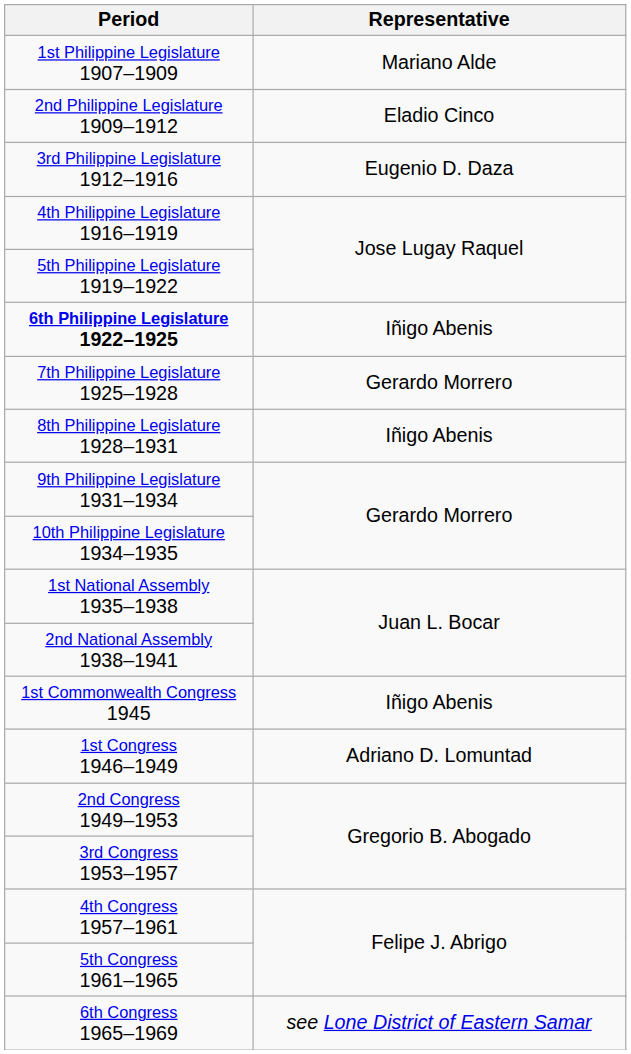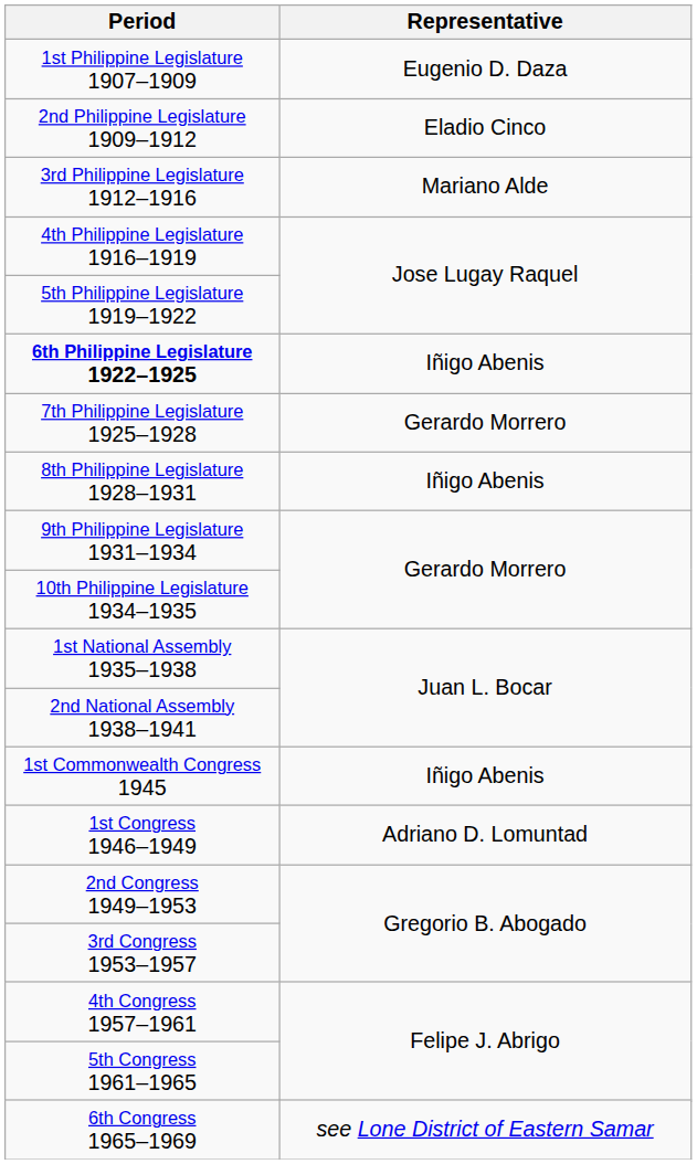 <table class="wikitable" style="text-align:center; width:40%;">
 <tr>
 <th width="40%">Period</th>
 <th>Representative</th>
 </tr>
 <tr>
 <td><small><a href='#'>1st Philippine Legislature</a></small><br>1907–1909</td>
-<td>Mariano Alde</td>
+<td>Eugenio D. Daza</td>
 </tr>
 <tr>
 <td><small><a href='#'>2nd Philippine Legislature</a></small><br>1909–1912</td>
 <td>Eladio Cinco</td>
 </tr>
 <tr>
 <td><small><a href='#'>3rd Philippine Legislature</a></small><br>1912–1916</td>
-<td>Eugenio D. Daza</td>
+<td>Mariano Alde</td>
 </tr>
 <tr>
 <td><small><a href='#'>4th Philippine Legislature</a></small><br>1916–1919</td>
 <td rowspan="2">Jose Lugay Raquel</td>
 </tr>
 <tr>
 <td><small><a href='#'>5th Philippine Legislature</a></small><br>1919–1922</td>
 </tr>
 <tr>
 <td><strong><small><a href='#'>6th Philippine Legislature</a></small><br>1922–1925</strong></td>
 <td>Iñigo Abenis</td>
 </tr>
 <tr>
 <td><small><a href='#'>7th Philippine Legislature</a></small><br>1925–1928</td>
 <td>Gerardo Morrero</td>
 </tr>
 <tr>
 <td><small><a href='#'>8th Philippine Legislature</a></small><br>1928–1931</td>
 <td>Iñigo Abenis</td>
 </tr>
 <tr>
 <td><small><a href='#'>9th Philippine Legislature</a></small><br>1931–1934</td>
 <td rowspan="2">Gerardo Morrero</td>
 </tr>
 <tr>
 <td><small><a href='#'>10th Philippine Legislature</a></small><br>1934–1935</td>
 </tr>
 <tr>
 <td><small><a href='#'>1st National Assembly</a></small><br>1935–1938</td>
 <td rowspan="2">Juan L. Bocar</td>
 </tr>
 <tr>
 <td><small><a href='#'>2nd National Assembly</a></small><br>1938–1941</td>
 </tr>
 <tr>
 <td><small><a href='#'>1st Commonwealth Congress</a></small><br>1945</td>
 <td>Iñigo Abenis</td>
 </tr>
 <tr>
 <td><small><a href='#'>1st Congress</a></small><br>1946–1949</td>
 <td>Adriano D. Lomuntad</td>
 </tr>
 <tr>
 <td><small><a href='#'>2nd Congress</a></small><br>1949–1953</td>
 <td rowspan="2">Gregorio B. Abogado</td>
 </tr>
 <tr>
 <td><small><a href='#'>3rd Congress</a></small><br>1953–1957</td>
 </tr>
 <tr>
 <td><small><a href='#'>4th Congress</a></small><br>1957–1961</td>
 <td rowspan="3">Felipe J. Abrigo</td>
 </tr>
 <tr>
 <td><small><a href='#'>5th Congress</a></small><br>1961–1965</td>
 </tr>
 <tr>
 <td rowspan="2"><small><a href='#'>6th Congress</a></small><br>1965–1969</td>
 </tr>
 <tr>
 <td><em>see <a href='#'>Lone District of Eastern Samar</a></em></td>
 </tr>
 </table>
